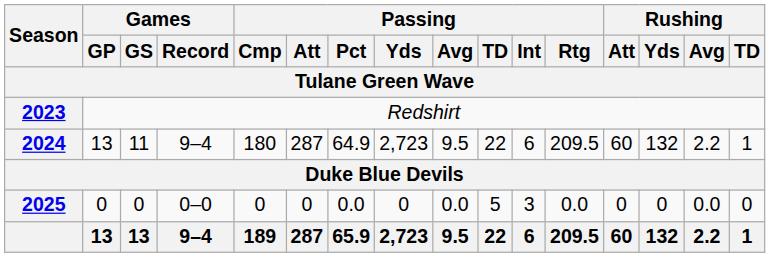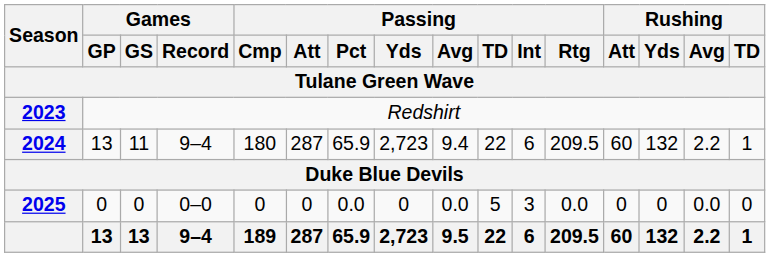 <table class="wikitable" style="text-align:center;">
 <tr>
 <th rowspan="2">Season</th>
 <th colspan="3">Games</th>
 <th colspan="8">Passing</th>
 <th colspan="5">Rushing</th>
 </tr>
 <tr>
 <th>GP</th>
 <th>GS</th>
 <th>Record</th>
 <th>Cmp</th>
 <th>Att</th>
 <th>Pct</th>
 <th>Yds</th>
 <th>Avg</th>
 <th>TD</th>
 <th>Int</th>
 <th>Rtg</th>
 <th>Att</th>
 <th>Yds</th>
 <th>Avg</th>
 <th>TD</th>
 </tr>
 <tr>
 <th colspan="16">Tulane Green Wave</th>
 </tr>
 <tr>
 <th><a href='#'>2023</a></th>
 <td colspan="16"><em>Redshirt </em></td>
 </tr>
 <tr>
 <th><a href='#'>2024</a></th>
 <td>13</td>
 <td>11</td>
 <td>9–4</td>
 <td>180</td>
 <td>287</td>
-<td>64.9</td>
+<td>65.9</td>
 <td>2,723</td>
-<td>9.5</td>
+<td>9.4</td>
 <td>22</td>
 <td>6</td>
 <td>209.5</td>
 <td>60</td>
 <td>132</td>
 <td>2.2</td>
 <td>1</td>
 </tr>
 <tr>
 <th colspan="16">Duke Blue Devils</th>
 </tr>
 <tr>
 <th><a href='#'>2025</a></th>
 <td>0</td>
 <td>0</td>
 <td>0–0</td>
 <td>0</td>
 <td>0</td>
 <td>0.0</td>
 <td>0</td>
 <td>0.0</td>
 <td>5</td>
 <td>3</td>
 <td>0.0</td>
 <td>0</td>
 <td>0</td>
 <td>0.0</td>
 <td>0</td>
 </tr>
 <tr>
 <th></th>
 <th>13</th>
 <th>13</th>
 <th>9–4</th>
 <th>189</th>
 <th>287</th>
 <th>65.9</th>
 <th>2,723</th>
 <th>9.5</th>
 <th>22</th>
 <th>6</th>
 <th>209.5</th>
 <th>60</th>
 <th>132</th>
 <th>2.2</th>
 <th>1</th>
 </tr>
 </table>
